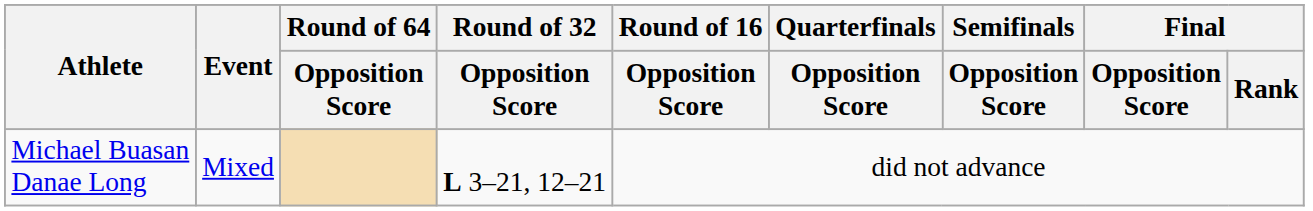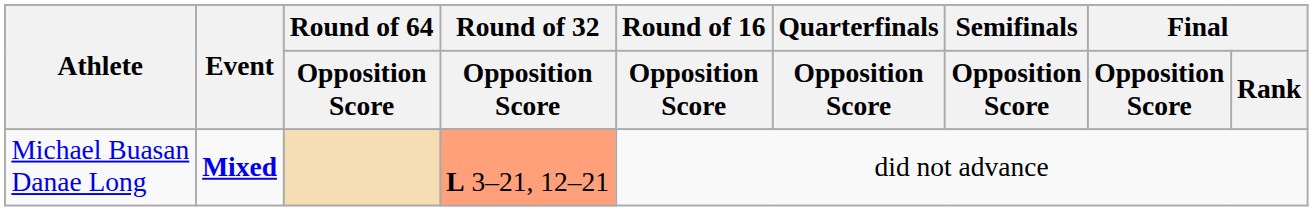 <table class="wikitable" border="1" style="font-size:90%">
 <tr>
 <th rowspan=2>Athlete</th>
 <th rowspan=2>Event</th>
 <th>Round of 64</th>
 <th>Round of 32</th>
 <th>Round of 16</th>
 <th>Quarterfinals</th>
 <th>Semifinals</th>
 <th colspan=2>Final</th>
 </tr>
 <tr>
 <th>Opposition<br>Score</th>
 <th>Opposition<br>Score</th>
 <th>Opposition<br>Score</th>
 <th>Opposition<br>Score</th>
 <th>Opposition<br>Score</th>
 <th>Opposition<br>Score</th>
 <th>Rank</th>
 </tr>
 <tr>
 <td><a href='#'>Michael Buasan</a> <br> <a href='#'>Danae Long</a></td>
-<td><a href='#'>Mixed</a></td>
+<td><strong><a href='#'>Mixed</a></strong></td>
 <td bgcolor=wheat></td>
-<td align=center><br><strong>L</strong> 3–21, 12–21</td>
+<td align=center style="background: lightsalmon;"><br><strong>L</strong> 3–21, 12–21</td>
 <td align=center colspan=5>did not advance</td>
 </tr>
 </table>
